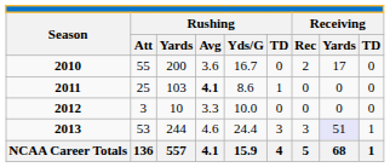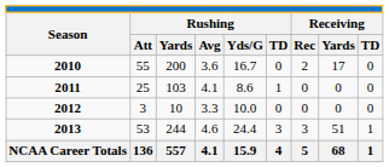 <table class=wikitable style="text-align:center;">
 <tr>
 <td ! colspan="15" style="background: #0073CF; border: 2px solid #FEBB36; color:#FFFFFF;"></td>
 </tr>
 <tr>
 <th rowspan=2>Season</th>
 <th colspan=5>Rushing</th>
 <th colspan=3>Receiving</th>
 </tr>
 <tr>
 <th>Att</th>
 <th>Yards</th>
 <th>Avg</th>
 <th>Yds/G</th>
 <th>TD</th>
 <th>Rec</th>
 <th>Yards</th>
 <th>TD</th>
 </tr>
 <tr>
 <td><strong>2010</strong></td>
 <td>55</td>
 <td>200</td>
 <td>3.6</td>
 <td>16.7</td>
 <td>0</td>
 <td>2</td>
 <td>17</td>
 <td>0</td>
 </tr>
 <tr>
 <td><strong>2011</strong></td>
 <td>25</td>
 <td>103</td>
-<td><strong>4.1</strong></td>
+<td>4.1</td>
 <td>8.6</td>
 <td>1</td>
 <td>0</td>
 <td>0</td>
 <td>0</td>
 </tr>
 <tr>
 <td><strong>2012</strong></td>
 <td>3</td>
 <td>10</td>
 <td>3.3</td>
 <td>10.0</td>
 <td>0</td>
 <td>0</td>
 <td>0</td>
 <td>0</td>
 </tr>
 <tr>
 <td><strong>2013</strong></td>
 <td>53</td>
 <td>244</td>
 <td>4.6</td>
 <td>24.4</td>
 <td>3</td>
 <td>3</td>
-<td style="background: lavender;">51</td>
+<td>51</td>
 <td>1</td>
 </tr>
 <tr>
 <th>NCAA Career Totals</th>
 <th>136</th>
 <th>557</th>
 <th>4.1</th>
 <th>15.9</th>
 <th>4</th>
 <th>5</th>
 <th>68</th>
 <th>1</th>
 </tr>
 </table>
